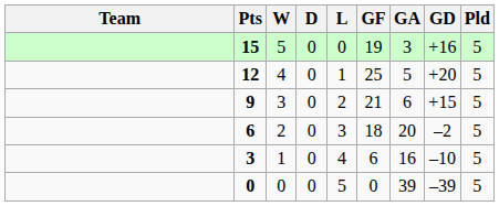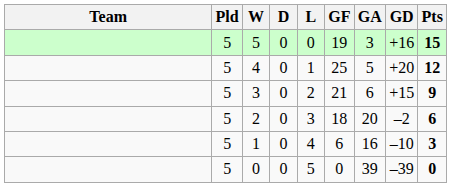 <table class=wikitable style="text-align:center">
 <tr>
 <th width=200>Team</th>
-<th width=20>Pts</th>
+<th width=20>Pld</th>
 <th width=20>W</th>
 <th width=20>D</th>
 <th width=20>L</th>
 <th width=20>GF</th>
 <th width=20>GA</th>
 <th width=20>GD</th>
-<th width=20>Pld</th>
+<th width=20>Pts</th>
 </tr>
 <tr style="background:#ccffcc">
 <td align=left></td>
-<td><strong>15</strong></td>
+<td>5</td>
 <td>5</td>
 <td>0</td>
 <td>0</td>
 <td>19</td>
 <td>3</td>
 <td>+16</td>
-<td>5</td>
+<td><strong>15</strong></td>
 </tr>
 <tr>
 <td align=left></td>
-<td><strong>12</strong></td>
+<td>5</td>
 <td>4</td>
 <td>0</td>
 <td>1</td>
 <td>25</td>
 <td>5</td>
 <td>+20</td>
-<td>5</td>
+<td><strong>12</strong></td>
 </tr>
 <tr>
 <td align=left></td>
-<td><strong>9</strong></td>
+<td>5</td>
 <td>3</td>
 <td>0</td>
 <td>2</td>
 <td>21</td>
 <td>6</td>
 <td>+15</td>
-<td>5</td>
+<td><strong>9</strong></td>
 </tr>
 <tr>
 <td align=left></td>
-<td><strong>6</strong></td>
+<td>5</td>
 <td>2</td>
 <td>0</td>
 <td>3</td>
 <td>18</td>
 <td>20</td>
 <td>–2</td>
-<td>5</td>
+<td><strong>6</strong></td>
 </tr>
 <tr>
 <td align=left></td>
-<td><strong>3</strong></td>
+<td>5</td>
 <td>1</td>
 <td>0</td>
 <td>4</td>
 <td>6</td>
 <td>16</td>
 <td>–10</td>
-<td>5</td>
+<td><strong>3</strong></td>
 </tr>
 <tr>
 <td align=left></td>
-<td><strong>0</strong></td>
+<td>5</td>
 <td>0</td>
 <td>0</td>
 <td>5</td>
 <td>0</td>
 <td>39</td>
 <td>–39</td>
-<td>5</td>
+<td><strong>0</strong></td>
 </tr>
 </table>
